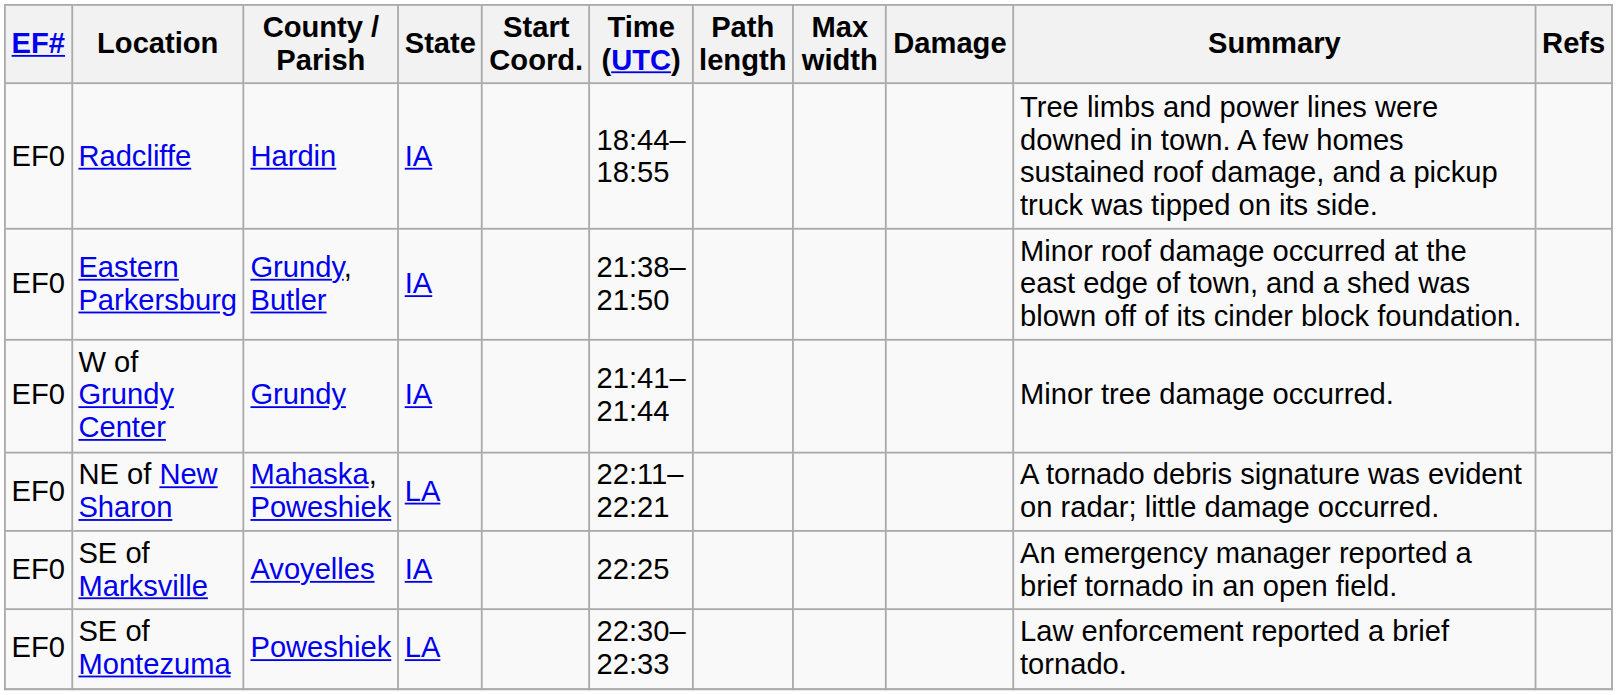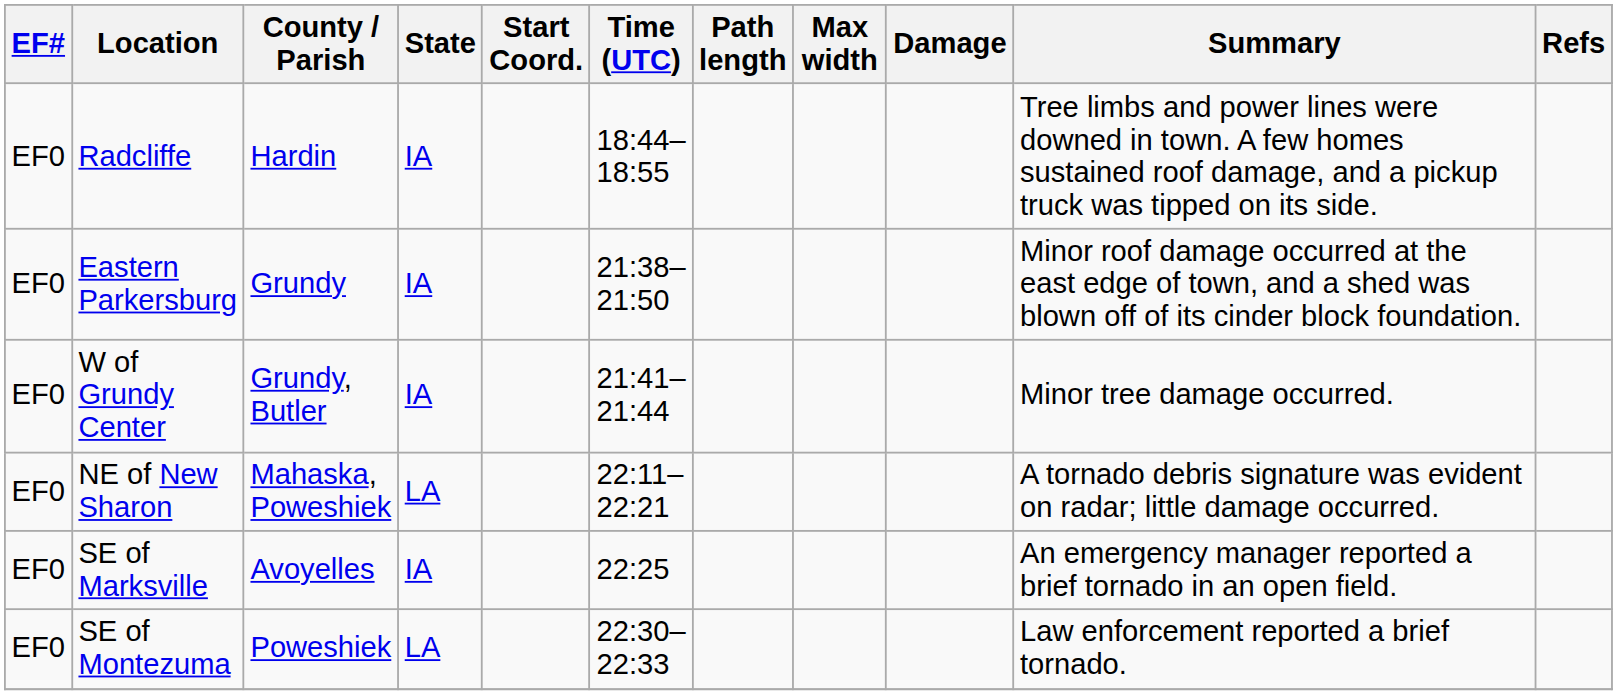 <table class="wikitable sortable" style="width:100%;">
 <tr>
 <th scope="col"  style="width:3%; text-align:center;"><a href='#'>EF#</a></th>
 <th scope="col"  style="width:7%; text-align:center;" class="unsortable">Location</th>
 <th scope="col"  style="width:6%; text-align:center;" class="unsortable">County / Parish</th>
 <th scope="col"  style="width:5%; text-align:center;">State</th>
 <th scope="col"  style="width:6%; text-align:center;">Start Coord.</th>
 <th scope="col"  style="width:6%; text-align:center;">Time (<a href='#'>UTC</a>)</th>
 <th scope="col"  style="width:6%; text-align:center;">Path length</th>
 <th scope="col"  style="width:6%; text-align:center;">Max width</th>
 <th scope="col"  style="width:6%; text-align:center;">Damage</th>
 <th scope="col" class="unsortable" style="width:48%; text-align:center;">Summary</th>
 <th scope="col" class="unsortable" style="width:48%; text-align:center;">Refs</th>
 </tr>
 <tr>
 <td>EF0</td>
 <td><a href='#'>Radcliffe</a></td>
 <td><a href='#'>Hardin</a></td>
 <td><a href='#'>IA</a></td>
 <td></td>
 <td>18:44–18:55</td>
 <td></td>
 <td></td>
 <td></td>
 <td>Tree limbs and power lines were downed in town. A few homes sustained roof damage, and a pickup truck was tipped on its side.</td>
 <td></td>
 </tr>
 <tr>
 <td>EF0</td>
 <td><a href='#'>Eastern Parkersburg</a></td>
-<td><a href='#'>Grundy</a>, <a href='#'>Butler</a></td>
+<td><a href='#'>Grundy</a></td>
 <td><a href='#'>IA</a></td>
 <td></td>
 <td>21:38–21:50</td>
 <td></td>
 <td></td>
 <td></td>
 <td>Minor roof damage occurred at the east edge of town, and a shed was blown off of its cinder block foundation.</td>
 <td></td>
 </tr>
 <tr>
 <td>EF0</td>
 <td>W of <a href='#'>Grundy Center</a></td>
-<td><a href='#'>Grundy</a></td>
+<td><a href='#'>Grundy</a>, <a href='#'>Butler</a></td>
 <td><a href='#'>IA</a></td>
 <td></td>
 <td>21:41–21:44</td>
 <td></td>
 <td></td>
 <td></td>
 <td>Minor tree damage occurred.</td>
 <td></td>
 </tr>
 <tr>
 <td>EF0</td>
 <td>NE of <a href='#'>New Sharon</a></td>
 <td><a href='#'>Mahaska</a>, <a href='#'>Poweshiek</a></td>
 <td><a href='#'>LA</a></td>
 <td></td>
 <td>22:11–22:21</td>
 <td></td>
 <td></td>
 <td></td>
 <td>A tornado debris signature was evident on radar; little damage occurred.</td>
 <td></td>
 </tr>
 <tr>
 <td>EF0</td>
 <td>SE of <a href='#'>Marksville</a></td>
 <td><a href='#'>Avoyelles</a></td>
 <td><a href='#'>IA</a></td>
 <td></td>
 <td>22:25</td>
 <td></td>
 <td></td>
 <td></td>
 <td>An emergency manager reported a brief tornado in an open field.</td>
 <td></td>
 </tr>
 <tr>
 <td>EF0</td>
 <td>SE of <a href='#'>Montezuma</a></td>
 <td><a href='#'>Poweshiek</a></td>
 <td><a href='#'>LA</a></td>
 <td></td>
 <td>22:30–22:33</td>
 <td></td>
 <td></td>
 <td></td>
 <td>Law enforcement reported a brief tornado.</td>
 <td></td>
 </tr>
 <tr>
 </tr>
 </table>
